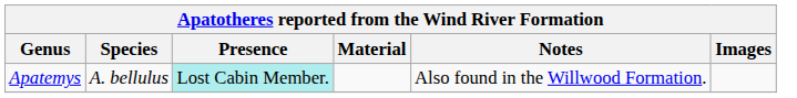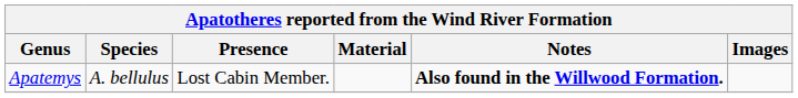 <table class="wikitable" align="center">
 <tr>
 <th colspan="6" align="center"><strong><a href='#'>Apatotheres</a> reported from the Wind River Formation</strong></th>
 </tr>
 <tr>
 <th>Genus</th>
 <th>Species</th>
 <th>Presence</th>
 <th><strong>Material</strong></th>
 <th>Notes</th>
 <th>Images</th>
 </tr>
 <tr>
 <td><em><a href='#'>Apatemys</a></em></td>
 <td><em>A. bellulus</em></td>
-<td style="background: paleturquoise;">Lost Cabin Member.</td>
+<td>Lost Cabin Member.</td>
 <td></td>
-<td>Also found in the <a href='#'>Willwood Formation</a>.</td>
+<td><strong>Also found in the <a href='#'>Willwood Formation</a>.</strong></td>
 <td></td>
 </tr>
 <tr>
 </tr>
 </table>
